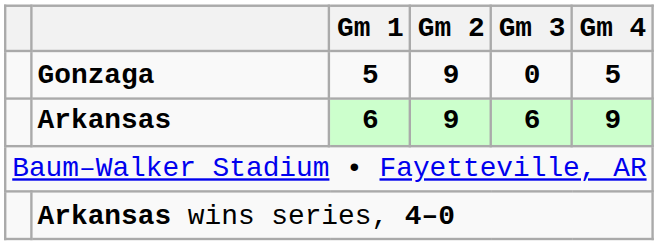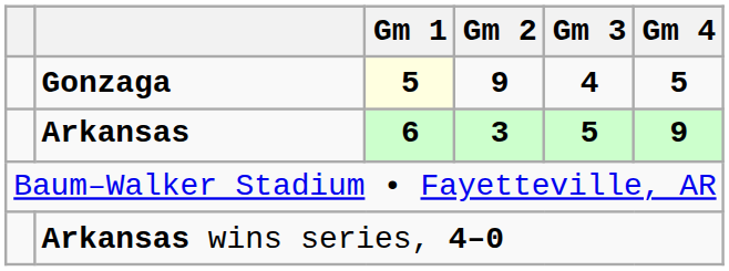 <table class="wikitable" style="float:right; font-size:90%">
 <tr>
 <th style="width: 5px"></th>
 <th style="width: 120px"></th>
 <th>Gm 1</th>
 <th>Gm 2</th>
 <th>Gm 3</th>
 <th>Gm 4</th>
 </tr>
 <tr>
 <td></td>
 <td><strong>Gonzaga</strong></td>
-<td style="text-align:center"><strong>5</strong></td>
+<td style="background: lightyellow; text-align:center"><strong>5</strong></td>
 <td style="text-align:center"><strong>9</strong></td>
-<td style="text-align:center"><strong>0</strong></td>
+<td style="text-align:center"><strong>4</strong></td>
 <td style="text-align:center"><strong>5</strong></td>
 </tr>
 <tr>
 <td></td>
 <td><strong>Arkansas</strong></td>
 <td style="background:#ccffcc; text-align:center"><strong>6</strong></td>
-<td style="background:#ccffcc; text-align:center"><strong>9</strong></td>
-<td style="background:#ccffcc; text-align:center"><strong>6</strong></td>
+<td style="background:#ccffcc; text-align:center"><strong>3</strong></td>
+<td style="background:#ccffcc; text-align:center"><strong>5</strong></td>
 <td style="background:#ccffcc; text-align:center"><strong>9</strong></td>
 </tr>
 <tr>
 <td colspan=6 style="text-align:center"><a href='#'>Baum–Walker Stadium</a> • <a href='#'>Fayetteville, AR</a></td>
 </tr>
 <tr>
 <td></td>
 <td colspan=5><strong>Arkansas</strong> wins series, <strong>4–0</strong></td>
 </tr>
 </table>
